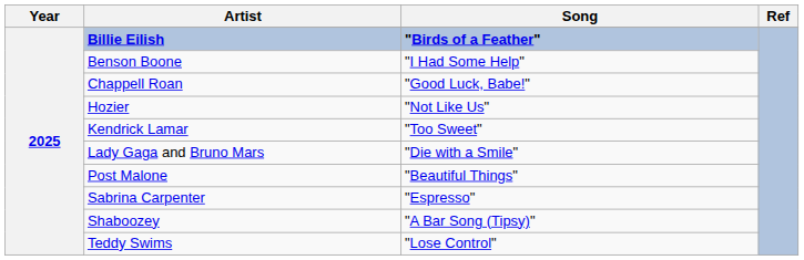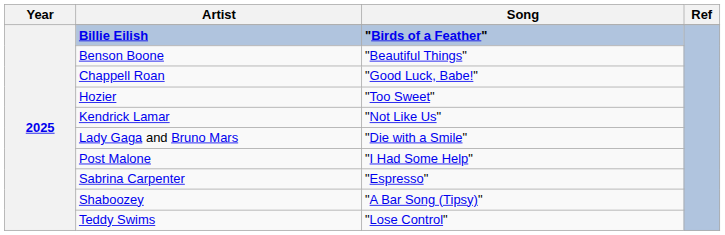 <table class="wikitable" width="100%">
 <tr>
 <th width="10%">Year</th>
 <th width="40%">Artist</th>
 <th width="45%">Song</th>
 <th width="5%">Ref</th>
 </tr>
 <tr>
 <th rowspan="11" align="center"><a href='#'>2025<br></a></th>
 </tr>
 <tr style="background:#B0C4DE">
 <td><strong><a href='#'>Billie Eilish</a></strong></td>
 <td><strong>"<a href='#'>Birds of a Feather</a>"</strong></td>
 <td rowspan="10" align="center"></td>
 </tr>
 <tr>
 <td><a href='#'>Benson Boone</a></td>
-<td>"<a href='#'>I Had Some Help</a>"</td>
+<td>"<a href='#'>Beautiful Things</a>"</td>
 </tr>
 <tr>
 <td><a href='#'>Chappell Roan</a></td>
 <td>"<a href='#'>Good Luck, Babe!</a>"</td>
 </tr>
 <tr>
 <td><a href='#'>Hozier</a></td>
-<td>"<a href='#'>Not Like Us</a>"</td>
+<td>"<a href='#'>Too Sweet</a>"</td>
 </tr>
 <tr>
 <td><a href='#'>Kendrick Lamar</a></td>
-<td>"<a href='#'>Too Sweet</a>"</td>
+<td>"<a href='#'>Not Like Us</a>"</td>
 </tr>
 <tr>
 <td><a href='#'>Lady Gaga</a> and <a href='#'>Bruno Mars</a></td>
 <td>"<a href='#'>Die with a Smile</a>"</td>
 </tr>
 <tr>
 <td><a href='#'>Post Malone</a> </td>
-<td>"<a href='#'>Beautiful Things</a>"</td>
+<td>"<a href='#'>I Had Some Help</a>"</td>
 </tr>
 <tr>
 <td><a href='#'>Sabrina Carpenter</a></td>
 <td>"<a href='#'>Espresso</a>"</td>
 </tr>
 <tr>
 <td><a href='#'>Shaboozey</a></td>
 <td>"<a href='#'>A Bar Song (Tipsy)</a>"</td>
 </tr>
 <tr>
 <td><a href='#'>Teddy Swims</a></td>
 <td>"<a href='#'>Lose Control</a>"</td>
 </tr>
 </table>
